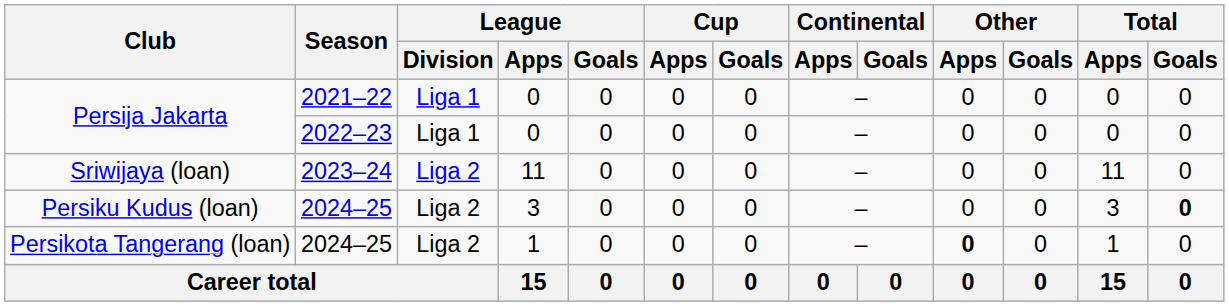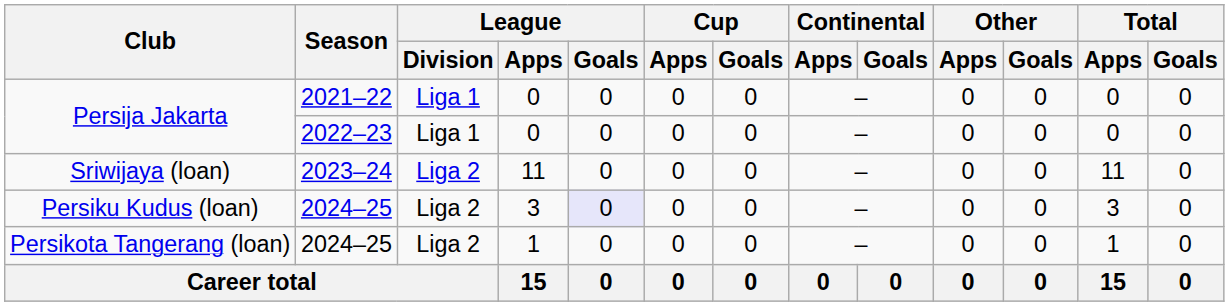 <table class="wikitable" style="text-align: center">
 <tr>
 <th rowspan="2">Club</th>
 <th rowspan="2">Season</th>
 <th colspan="3">League</th>
 <th colspan="2">Cup</th>
 <th colspan="2">Continental</th>
 <th colspan="2">Other</th>
 <th colspan="2">Total</th>
 </tr>
 <tr>
 <th>Division</th>
 <th>Apps</th>
 <th>Goals</th>
 <th>Apps</th>
 <th>Goals</th>
 <th>Apps</th>
 <th>Goals</th>
 <th>Apps</th>
 <th>Goals</th>
 <th>Apps</th>
 <th>Goals</th>
 </tr>
 <tr>
 <td rowspan="2"><a href='#'>Persija Jakarta</a></td>
 <td><a href='#'>2021–22</a></td>
 <td rowspan="1" valign="center"><a href='#'>Liga 1</a></td>
 <td>0</td>
 <td>0</td>
 <td>0</td>
 <td>0</td>
 <td colspan="2">–</td>
 <td>0</td>
 <td>0</td>
 <td>0</td>
 <td>0</td>
 </tr>
 <tr>
 <td><a href='#'>2022–23</a></td>
 <td rowspan="1" valign="center">Liga 1</td>
 <td>0</td>
 <td>0</td>
 <td>0</td>
 <td>0</td>
 <td colspan=2>–</td>
 <td>0</td>
 <td>0</td>
 <td>0</td>
 <td>0</td>
 </tr>
 <tr>
 <td rowspan="1"><a href='#'>Sriwijaya</a> (loan)</td>
 <td><a href='#'>2023–24</a></td>
 <td rowspan="1" valign="center"><a href='#'>Liga 2</a></td>
 <td>11</td>
 <td>0</td>
 <td>0</td>
 <td>0</td>
 <td colspan="2">–</td>
 <td>0</td>
 <td>0</td>
 <td>11</td>
 <td>0</td>
 </tr>
 <tr>
 <td rowspan="1"><a href='#'>Persiku Kudus</a> (loan)</td>
 <td><a href='#'>2024–25</a></td>
 <td rowspan="1" valign="center">Liga 2</td>
 <td>3</td>
-<td>0</td>
+<td style="background: lavender;">0</td>
 <td>0</td>
 <td>0</td>
 <td colspan="2">–</td>
 <td>0</td>
 <td>0</td>
 <td>3</td>
-<td><strong>0</strong></td>
+<td>0</td>
 </tr>
 <tr>
 <td rowspan="1"><a href='#'>Persikota Tangerang</a> (loan)</td>
 <td>2024–25</td>
 <td rowspan="1" valign="center">Liga 2</td>
 <td>1</td>
 <td>0</td>
 <td>0</td>
 <td>0</td>
 <td colspan="2">–</td>
-<td><strong>0</strong></td>
+<td>0</td>
 <td>0</td>
 <td>1</td>
 <td>0</td>
 </tr>
 <tr>
 <th colspan=3>Career total</th>
 <th>15</th>
 <th>0</th>
 <th>0</th>
 <th>0</th>
 <th>0</th>
 <th>0</th>
 <th>0</th>
 <th>0</th>
 <th>15</th>
 <th>0</th>
 </tr>
 </table>
